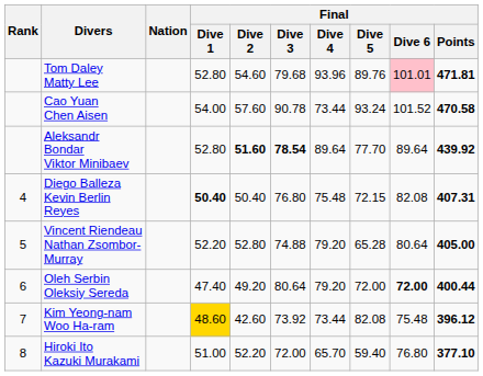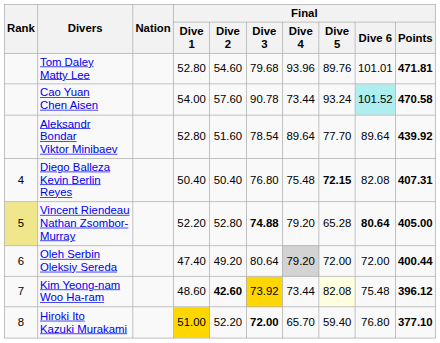 <table class="wikitable sortable" style="text-align:center">
 <tr>
 <th rowspan=2 data-sort-type=number>Rank</th>
 <th rowspan=2>Divers</th>
 <th rowspan=2>Nation</th>
 <th colspan=7>Final</th>
 </tr>
 <tr>
 <th>Dive 1</th>
 <th>Dive 2</th>
 <th>Dive 3</th>
 <th>Dive 4</th>
 <th>Dive 5</th>
 <th>Dive 6</th>
 <th>Points</th>
 </tr>
 <tr>
 <td align="center"></td>
 <td align=left><a href='#'>Tom Daley</a><br><a href='#'>Matty Lee</a></td>
 <td align=left></td>
 <td align="center">52.80</td>
 <td align="center">54.60</td>
 <td align="center">79.68</td>
 <td align="center">93.96</td>
 <td align="center">89.76</td>
-<td align="center" style="background: pink;">101.01</td>
+<td align="center">101.01</td>
 <td align="center"><strong>471.81</strong></td>
 </tr>
 <tr>
 <td align="center"></td>
 <td align=left><a href='#'>Cao Yuan</a><br><a href='#'>Chen Aisen</a></td>
 <td align=left></td>
 <td align="center">54.00</td>
 <td align="center">57.60</td>
 <td align="center">90.78</td>
 <td align="center">73.44</td>
 <td align="center">93.24</td>
-<td align="center">101.52</td>
+<td align="center" style="background: paleturquoise;">101.52</td>
 <td align="center"><strong>470.58</strong></td>
 </tr>
 <tr>
 <td align="center"></td>
 <td align=left><a href='#'>Aleksandr Bondar</a><br><a href='#'>Viktor Minibaev</a></td>
 <td align=left></td>
 <td align="center">52.80</td>
-<td align="center"><strong>51.60</strong></td>
-<td align="center"><strong>78.54</strong></td>
+<td align="center">51.60</td>
+<td align="center">78.54</td>
 <td align="center">89.64</td>
 <td align="center">77.70</td>
 <td align="center">89.64</td>
 <td align="center"><strong>439.92</strong></td>
 </tr>
 <tr>
 <td align="center">4</td>
 <td align=left><a href='#'>Diego Balleza</a><br><a href='#'>Kevin Berlin Reyes</a></td>
 <td align=left></td>
-<td align="center"><strong>50.40</strong></td>
+<td align="center">50.40</td>
 <td align="center">50.40</td>
 <td align="center">76.80</td>
 <td align="center">75.48</td>
-<td align="center">72.15</td>
+<td align="center"><strong>72.15</strong></td>
 <td align="center">82.08</td>
 <td align="center"><strong>407.31</strong></td>
 </tr>
 <tr>
-<td align="center">5</td>
+<td align="center" style="background: khaki;">5</td>
 <td align=left><a href='#'>Vincent Riendeau</a><br><a href='#'>Nathan Zsombor-Murray</a></td>
 <td align=left></td>
 <td align="center">52.20</td>
 <td align="center">52.80</td>
-<td align="center">74.88</td>
+<td align="center"><strong>74.88</strong></td>
 <td align="center">79.20</td>
 <td align="center">65.28</td>
-<td align="center">80.64</td>
+<td align="center"><strong>80.64</strong></td>
 <td align="center"><strong>405.00</strong></td>
 </tr>
 <tr>
 <td align="center">6</td>
 <td align=left><a href='#'>Oleh Serbin</a><br><a href='#'>Oleksiy Sereda</a></td>
 <td align=left></td>
 <td align="center">47.40</td>
 <td align="center">49.20</td>
 <td align="center">80.64</td>
-<td align="center">79.20</td>
+<td align="center" style="background: lightgrey;">79.20</td>
 <td align="center">72.00</td>
-<td align="center"><strong>72.00</strong></td>
+<td align="center">72.00</td>
 <td align="center"><strong>400.44</strong></td>
 </tr>
 <tr>
 <td align="center">7</td>
 <td align=left><a href='#'>Kim Yeong-nam</a><br><a href='#'>Woo Ha-ram</a></td>
 <td align=left></td>
-<td align="center" style="background: gold;">48.60</td>
-<td align="center">42.60</td>
-<td align="center">73.92</td>
+<td align="center">48.60</td>
+<td align="center"><strong>42.60</strong></td>
+<td align="center" style="background: gold;">73.92</td>
 <td align="center">73.44</td>
-<td align="center">82.08</td>
+<td align="center" style="background: lightyellow;">82.08</td>
 <td align="center">75.48</td>
 <td align="center"><strong>396.12</strong></td>
 </tr>
 <tr>
 <td align="center">8</td>
 <td align=left><a href='#'>Hiroki Ito</a><br><a href='#'>Kazuki Murakami</a></td>
 <td align=left></td>
-<td align="center">51.00</td>
+<td align="center" style="background: gold;">51.00</td>
 <td align="center">52.20</td>
-<td align="center">72.00</td>
+<td align="center"><strong>72.00</strong></td>
 <td align="center">65.70</td>
 <td align="center">59.40</td>
 <td align="center">76.80</td>
 <td align="center"><strong>377.10</strong></td>
 </tr>
 </table>
